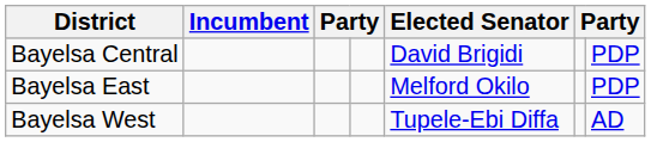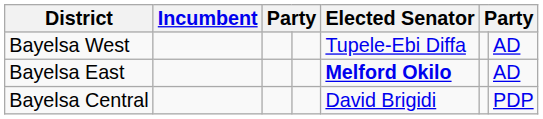 <table class="sortable wikitable" style="font-size:95%;line-height:14px;">
 <tr>
 <th class="unsortable">District</th>
 <th class="unsortable"><a href='#'>Incumbent</a></th>
 <th colspan="2">Party</th>
 <th class="unsortable">Elected Senator</th>
 <th colspan="2">Party</th>
+</tr>
+<tr>
+<td>Bayelsa West</td>
+<td></td>
+<td></td>
+<td></td>
+<td><a href='#'>Tupele-Ebi Diffa</a></td>
+<td style="background:"></td>
+<td><a href='#'>AD</a></td>
+</tr>
+<tr>
+<td>Bayelsa East</td>
+<td></td>
+<td></td>
+<td></td>
+<td><strong><a href='#'>Melford Okilo</a></strong></td>
+<td style="background:"></td>
+<td><a href='#'>AD</a></td>
 </tr>
 <tr>
 <td>Bayelsa Central</td>
 <td></td>
 <td></td>
 <td></td>
 <td><a href='#'>David Brigidi</a></td>
 <td style="background:"></td>
 <td><a href='#'>PDP</a></td>
 </tr>
-<tr>
-<td>Bayelsa East</td>
-<td></td>
-<td></td>
-<td></td>
-<td><a href='#'>Melford Okilo</a></td>
-<td style="background:"></td>
-<td><a href='#'>PDP</a></td>
-</tr>
-<tr>
-<td>Bayelsa West</td>
-<td></td>
-<td></td>
-<td></td>
-<td><a href='#'>Tupele-Ebi Diffa</a></td>
-<td style="background:"></td>
-<td><a href='#'>AD</a></td>
-</tr>
 </table>
